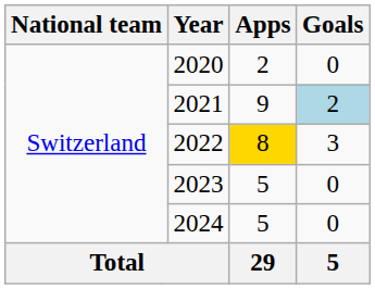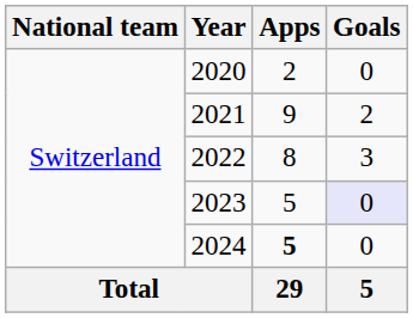 <table class="wikitable" style="text-align:center">
 <tr>
 <th>National team</th>
 <th>Year</th>
 <th>Apps</th>
 <th>Goals</th>
 </tr>
 <tr>
 <td rowspan="5"><a href='#'>Switzerland</a></td>
 <td>2020</td>
 <td>2</td>
 <td>0</td>
 </tr>
 <tr>
 <td>2021</td>
 <td>9</td>
-<td style="background: lightblue;">2</td>
+<td>2</td>
 </tr>
 <tr>
 <td>2022</td>
-<td style="background: gold;">8</td>
+<td>8</td>
 <td>3</td>
 </tr>
 <tr>
 <td>2023</td>
 <td>5</td>
-<td>0</td>
+<td style="background: lavender;">0</td>
 </tr>
 <tr>
 <td>2024</td>
-<td>5</td>
+<td><strong>5</strong></td>
 <td>0</td>
 </tr>
 <tr>
 <th colspan="2">Total</th>
 <th>29</th>
 <th>5</th>
 </tr>
 </table>
